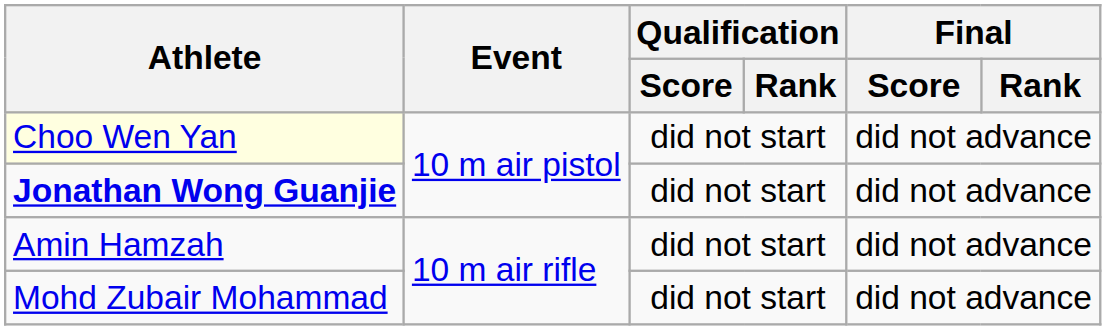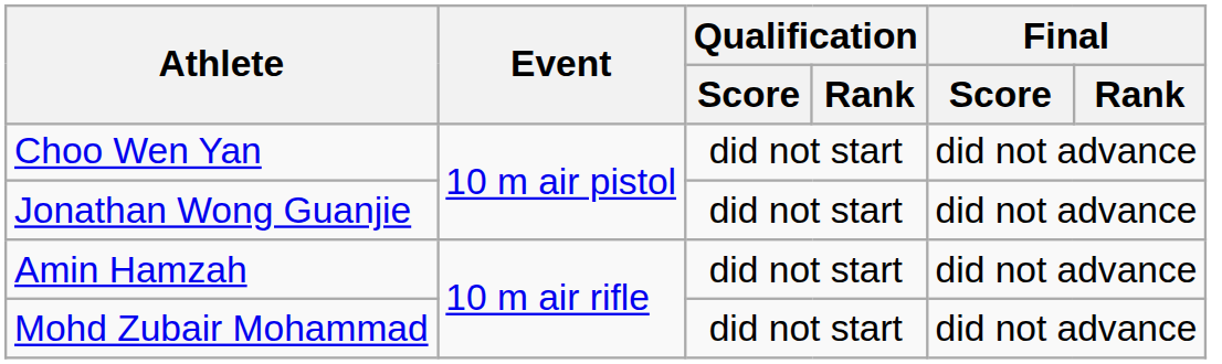 <table class=wikitable style="text-align:center; font-size:90%">
 <tr>
 <th rowspan=2>Athlete</th>
 <th rowspan=2>Event</th>
 <th colspan=2>Qualification</th>
 <th colspan=2>Final</th>
 </tr>
 <tr>
 <th>Score</th>
 <th>Rank</th>
 <th>Score</th>
 <th>Rank</th>
 </tr>
 <tr>
-<td align=left style="background: lightyellow;"><a href='#'>Choo Wen Yan</a></td>
+<td align=left><a href='#'>Choo Wen Yan</a></td>
 <td align=left rowspan=2><a href='#'>10 m air pistol</a></td>
 <td colspan=2>did not start</td>
 <td colspan=2>did not advance</td>
 </tr>
 <tr>
-<td align=left><strong><a href='#'>Jonathan Wong Guanjie</a></strong></td>
+<td align=left><a href='#'>Jonathan Wong Guanjie</a></td>
 <td colspan=2>did not start</td>
 <td colspan=2>did not advance</td>
 </tr>
 <tr>
 <td align=left><a href='#'>Amin Hamzah</a></td>
 <td align=left rowspan=2><a href='#'>10 m air rifle</a></td>
 <td colspan=2>did not start</td>
 <td colspan=2>did not advance</td>
 </tr>
 <tr>
 <td align=left><a href='#'>Mohd Zubair Mohammad</a></td>
 <td colspan=2>did not start</td>
 <td colspan=2>did not advance</td>
 </tr>
 </table>
